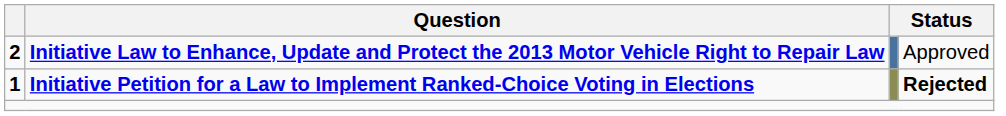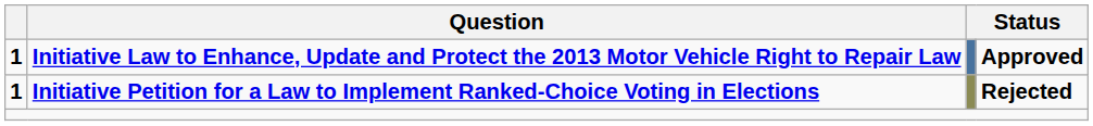 <table class="wikitable">
 <tr>
 <th></th>
 <th>Question</th>
 <th colspan="2">Status</th>
 </tr>
 <tr>
-<td><strong>2</strong></td>
+<td><strong>1</strong></td>
 <td><strong><a href='#'>Initiative Law to Enhance, Update and Protect the 2013 Motor Vehicle Right to Repair Law</a></strong><br></td>
 <td style="background: #47729E; color: white;"></td>
-<td>Approved</td>
+<td><strong>Approved</strong></td>
 </tr>
 <tr>
 <td><strong>1</strong></td>
 <td><a href='#'><strong>Initiative Petition for a Law to Implement Ranked-Choice Voting in Elections</strong></a><br></td>
 <td style="background: #8B8B54; color: white;"></td>
 <td><strong>Rejected</strong></td>
 </tr>
 <tr>
 <td colspan="4"></td>
 </tr>
 </table>
